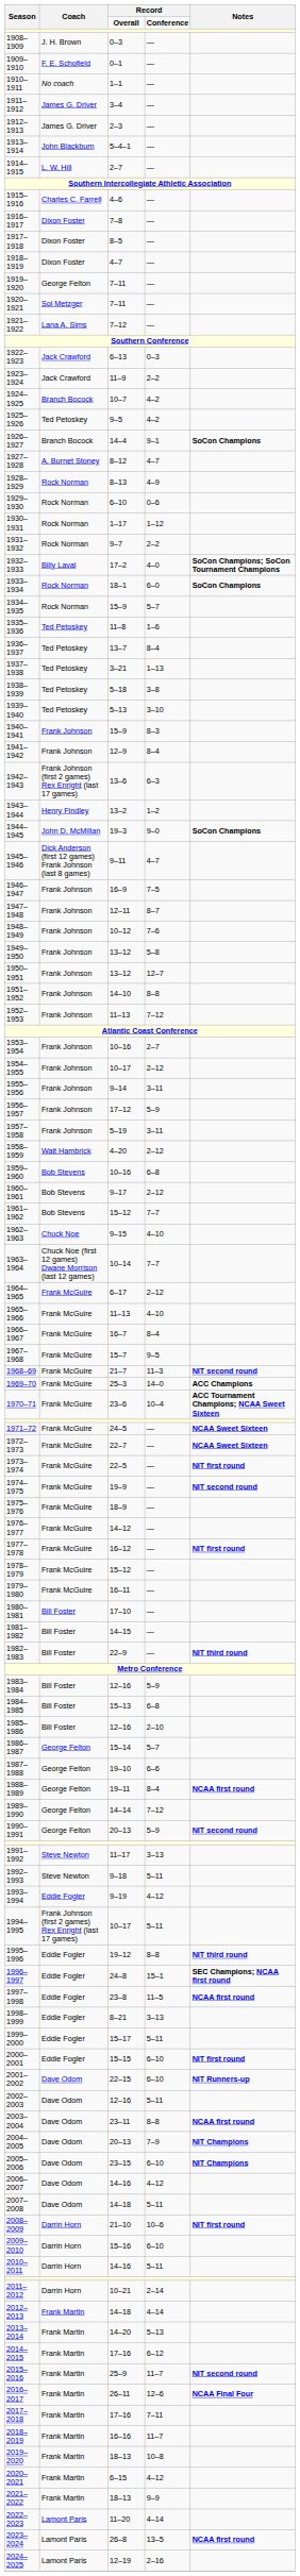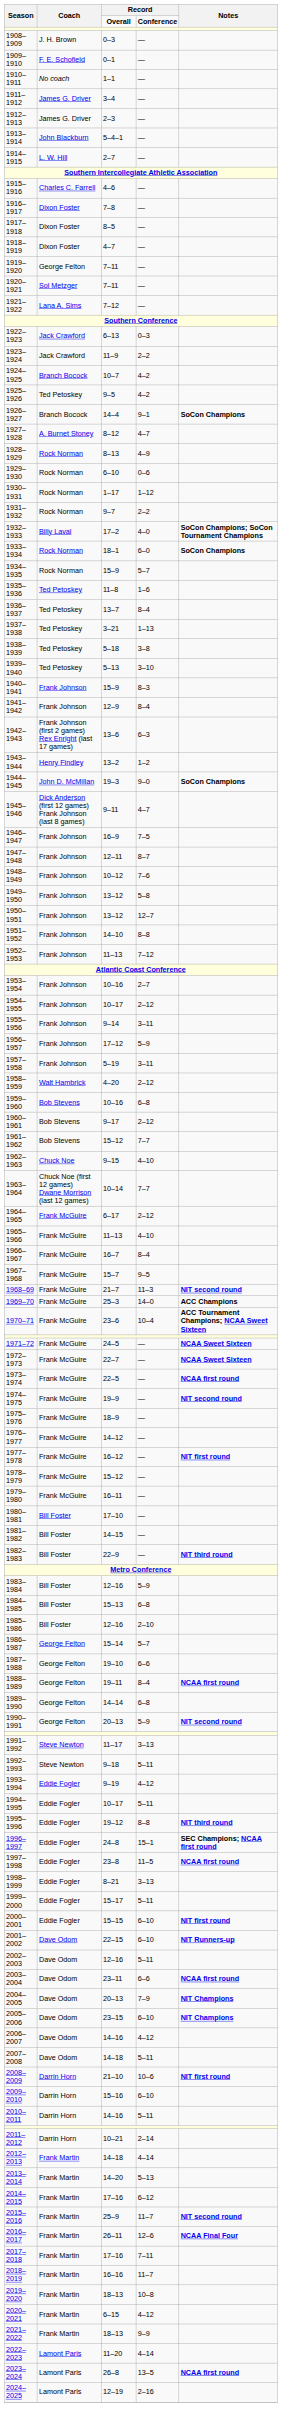 <table class="wikitable">
 <tr>
 <th rowspan="2">Season</th>
 <th rowspan="2">Coach</th>
 <th colspan="2">Record</th>
 <th rowspan="2">Notes</th>
 </tr>
 <tr style="text-align:center;">
 <td style="width:70px; "><strong>Overall</strong></td>
 <td style="width:40px; text-align:center;"><strong>Conference</strong></td>
 </tr>
 <tr style="background:#ffd;">
 <td colspan="5"></td>
 </tr>
 <tr>
 <td>1908–1909</td>
 <td>J. H. Brown</td>
 <td>0–3</td>
 <td>—</td>
 <td></td>
 </tr>
 <tr>
 <td>1909–1910</td>
 <td><a href='#'>F. E. Schofield</a></td>
 <td>0–1</td>
 <td>—</td>
 <td></td>
 </tr>
 <tr>
 <td>1910–1911</td>
 <td><em>No coach</em></td>
 <td>1–1</td>
 <td>—</td>
 <td></td>
 </tr>
 <tr>
 <td>1911–1912</td>
 <td><a href='#'>James G. Driver</a></td>
 <td>3–4</td>
 <td>—</td>
 <td></td>
 </tr>
 <tr>
 <td>1912–1913</td>
 <td>James G. Driver</td>
 <td>2–3</td>
 <td>—</td>
 <td></td>
 </tr>
 <tr>
 <td>1913–1914</td>
 <td><a href='#'>John Blackburn</a></td>
 <td>5–4–1</td>
 <td>—</td>
 <td></td>
 </tr>
 <tr>
 <td>1914–1915</td>
 <td><a href='#'>L. W. Hill</a></td>
 <td>2–7</td>
 <td>—</td>
 <td></td>
 </tr>
 <tr style="background:#ffd;">
 <td colspan="5" style="text-align:center;"><strong><a href='#'>Southern Intercollegiate Athletic Association</a></strong></td>
 </tr>
 <tr>
 <td>1915–1916</td>
 <td><a href='#'>Charles C. Farrell</a></td>
 <td>4–6</td>
 <td>—</td>
 <td></td>
 </tr>
 <tr>
 <td>1916–1917</td>
 <td><a href='#'>Dixon Foster</a></td>
 <td>7–8</td>
 <td>—</td>
 <td></td>
 </tr>
 <tr>
 <td>1917–1918</td>
 <td>Dixon Foster</td>
 <td>8–5</td>
 <td>—</td>
 <td></td>
 </tr>
 <tr>
 <td>1918–1919</td>
 <td>Dixon Foster</td>
 <td>4–7</td>
 <td>—</td>
 <td></td>
 </tr>
 <tr>
 <td>1919–1920</td>
 <td>George Felton</td>
 <td>7–11</td>
 <td>—</td>
 <td></td>
 </tr>
 <tr>
 <td>1920–1921</td>
 <td><a href='#'>Sol Metzger</a></td>
 <td>7–11</td>
 <td>—</td>
 <td></td>
 </tr>
 <tr>
 <td>1921–1922</td>
 <td><a href='#'>Lana A. Sims</a></td>
 <td>7–12</td>
 <td>—</td>
 <td></td>
 </tr>
 <tr style="background:#ffd;">
 <td colspan="5" style="text-align:center;"><strong><a href='#'>Southern Conference</a></strong></td>
 </tr>
 <tr>
 <td>1922–1923</td>
 <td><a href='#'>Jack Crawford</a></td>
 <td>6–13</td>
 <td>0–3</td>
 <td></td>
 </tr>
 <tr>
 <td>1923–1924</td>
 <td>Jack Crawford</td>
 <td>11–9</td>
 <td>2–2</td>
 <td></td>
 </tr>
 <tr>
 <td>1924–1925</td>
 <td><a href='#'>Branch Bocock</a></td>
 <td>10–7</td>
 <td>4–2</td>
 <td></td>
 </tr>
 <tr>
 <td>1925–1926</td>
 <td>Ted Petoskey</td>
 <td>9–5</td>
 <td>4–2</td>
 <td></td>
 </tr>
 <tr>
 <td>1926–1927</td>
 <td>Branch Bocock</td>
 <td>14–4</td>
 <td>9–1</td>
 <td><strong>SoCon Champions</strong></td>
 </tr>
 <tr>
 <td>1927–1928</td>
 <td><a href='#'>A. Burnet Stoney</a></td>
 <td>8–12</td>
 <td>4–7</td>
 <td></td>
 </tr>
 <tr>
 <td>1928–1929</td>
 <td><a href='#'>Rock Norman</a></td>
 <td>8–13</td>
 <td>4–9</td>
 <td></td>
 </tr>
 <tr>
 <td>1929–1930</td>
 <td>Rock Norman</td>
 <td>6–10</td>
 <td>0–6</td>
 <td></td>
 </tr>
 <tr>
 <td>1930–1931</td>
 <td>Rock Norman</td>
 <td>1–17</td>
 <td>1–12</td>
 <td></td>
 </tr>
 <tr>
 <td>1931–1932</td>
 <td>Rock Norman</td>
 <td>9–7</td>
 <td>2–2</td>
 <td></td>
 </tr>
 <tr>
 <td>1932–1933</td>
 <td><a href='#'>Billy Laval</a></td>
 <td>17–2</td>
 <td>4–0</td>
 <td><strong>SoCon Champions; SoCon Tournament Champions</strong></td>
 </tr>
 <tr>
 <td>1933–1934</td>
 <td><a href='#'>Rock Norman</a></td>
 <td>18–1</td>
 <td>6–0</td>
 <td><strong>SoCon Champions</strong></td>
 </tr>
 <tr>
 <td>1934–1935</td>
 <td>Rock Norman</td>
 <td>15–9</td>
 <td>5–7</td>
 <td></td>
 </tr>
 <tr>
 <td>1935–1936</td>
 <td><a href='#'>Ted Petoskey</a></td>
 <td>11–8</td>
 <td>1–6</td>
 <td></td>
 </tr>
 <tr>
 <td>1936–1937</td>
 <td>Ted Petoskey</td>
 <td>13–7</td>
 <td>8–4</td>
 <td></td>
 </tr>
 <tr>
 <td>1937–1938</td>
 <td>Ted Petoskey</td>
 <td>3–21</td>
 <td>1–13</td>
 <td></td>
 </tr>
 <tr>
 <td>1938–1939</td>
 <td>Ted Petoskey</td>
 <td>5–18</td>
 <td>3–8</td>
 <td></td>
 </tr>
 <tr>
 <td>1939–1940</td>
 <td>Ted Petoskey</td>
 <td>5–13</td>
 <td>3–10</td>
 <td></td>
 </tr>
 <tr>
 <td>1940–1941</td>
 <td><a href='#'>Frank Johnson</a></td>
 <td>15–9</td>
 <td>8–3</td>
 <td></td>
 </tr>
 <tr>
 <td>1941–1942</td>
 <td>Frank Johnson</td>
 <td>12–9</td>
 <td>8–4</td>
 <td></td>
 </tr>
 <tr>
 <td>1942–1943</td>
 <td>Frank Johnson (first 2 games)<br><a href='#'>Rex Enright</a> (last 17 games)</td>
 <td>13–6</td>
 <td>6–3</td>
 <td></td>
 </tr>
 <tr>
 <td>1943–1944</td>
 <td><a href='#'>Henry Findley</a></td>
 <td>13–2</td>
 <td>1–2</td>
 <td></td>
 </tr>
 <tr>
 <td>1944–1945</td>
 <td><a href='#'>John D. McMillan</a></td>
 <td>19–3</td>
 <td>9–0</td>
 <td><strong>SoCon Champions</strong></td>
 </tr>
 <tr>
 <td>1945–1946</td>
 <td><a href='#'>Dick Anderson</a> (first 12 games)<br>Frank Johnson (last 8 games)</td>
 <td>9–11</td>
 <td>4–7</td>
 <td></td>
 </tr>
 <tr>
 <td>1946–1947</td>
 <td>Frank Johnson</td>
 <td>16–9</td>
 <td>7–5</td>
 <td></td>
 </tr>
 <tr>
 <td>1947–1948</td>
 <td>Frank Johnson</td>
 <td>12–11</td>
 <td>8–7</td>
 <td></td>
 </tr>
 <tr>
 <td>1948–1949</td>
 <td>Frank Johnson</td>
 <td>10–12</td>
 <td>7–6</td>
 <td></td>
 </tr>
 <tr>
 <td>1949–1950</td>
 <td>Frank Johnson</td>
 <td>13–12</td>
 <td>5–8</td>
 <td></td>
 </tr>
 <tr>
 <td>1950–1951</td>
 <td>Frank Johnson</td>
 <td>13–12</td>
 <td>12–7</td>
 <td></td>
 </tr>
 <tr>
 <td>1951–1952</td>
 <td>Frank Johnson</td>
 <td>14–10</td>
 <td>8–8</td>
 <td></td>
 </tr>
 <tr>
 <td>1952–1953</td>
 <td>Frank Johnson</td>
 <td>11–13</td>
 <td>7–12</td>
 <td></td>
 </tr>
 <tr style="background:#ffd;">
 <td colspan="5" style="text-align:center;"><strong><a href='#'>Atlantic Coast Conference</a></strong></td>
 </tr>
 <tr>
 <td>1953–1954</td>
 <td>Frank Johnson</td>
 <td>10–16</td>
 <td>2–7</td>
 <td></td>
 </tr>
 <tr>
 <td>1954–1955</td>
 <td>Frank Johnson</td>
 <td>10–17</td>
 <td>2–12</td>
 <td></td>
 </tr>
 <tr>
 <td>1955–1956</td>
 <td>Frank Johnson</td>
 <td>9–14</td>
 <td>3–11</td>
 <td></td>
 </tr>
 <tr>
 <td>1956–1957</td>
 <td>Frank Johnson</td>
 <td>17–12</td>
 <td>5–9</td>
 <td></td>
 </tr>
 <tr>
 <td>1957–1958</td>
 <td>Frank Johnson</td>
 <td>5–19</td>
 <td>3–11</td>
 <td></td>
 </tr>
 <tr>
 <td>1958–1959</td>
 <td><a href='#'>Walt Hambrick</a></td>
 <td>4–20</td>
 <td>2–12</td>
 <td></td>
 </tr>
 <tr>
 <td>1959–1960</td>
 <td><a href='#'>Bob Stevens</a></td>
 <td>10–16</td>
 <td>6–8</td>
 <td></td>
 </tr>
 <tr>
 <td>1960–1961</td>
 <td>Bob Stevens</td>
 <td>9–17</td>
 <td>2–12</td>
 <td></td>
 </tr>
 <tr>
 <td>1961–1962</td>
 <td>Bob Stevens</td>
 <td>15–12</td>
 <td>7–7</td>
 <td></td>
 </tr>
 <tr>
 <td>1962–1963</td>
 <td><a href='#'>Chuck Noe</a></td>
 <td>9–15</td>
 <td>4–10</td>
 <td></td>
 </tr>
 <tr>
 <td>1963–1964</td>
 <td>Chuck Noe (first 12 games)<br><a href='#'>Dwane Morrison</a> (last 12 games)</td>
 <td>10–14</td>
 <td>7–7</td>
 <td></td>
 </tr>
 <tr>
 <td>1964–1965</td>
 <td><a href='#'>Frank McGuire</a></td>
 <td>6–17</td>
 <td>2–12</td>
 <td></td>
 </tr>
 <tr>
 <td>1965–1966</td>
 <td>Frank McGuire</td>
 <td>11–13</td>
 <td>4–10</td>
 <td></td>
 </tr>
 <tr>
 <td>1966–1967</td>
 <td>Frank McGuire</td>
 <td>16–7</td>
 <td>8–4</td>
 <td></td>
 </tr>
 <tr>
 <td>1967–1968</td>
 <td>Frank McGuire</td>
 <td>15–7</td>
 <td>9–5</td>
 <td></td>
 </tr>
 <tr>
 <td><a href='#'>1968–69</a></td>
 <td>Frank McGuire</td>
 <td>21–7</td>
 <td>11–3</td>
 <td><strong><a href='#'>NIT second round</a></strong></td>
 </tr>
 <tr>
 <td><a href='#'>1969–70</a></td>
 <td>Frank McGuire</td>
 <td>25–3</td>
 <td>14–0</td>
 <td><strong>ACC Champions</strong></td>
 </tr>
 <tr>
 <td><a href='#'>1970–71</a></td>
 <td>Frank McGuire</td>
 <td>23–6</td>
 <td>10–4</td>
 <td><strong>ACC Tournament Champions; <a href='#'>NCAA Sweet Sixteen</a></strong></td>
 </tr>
 <tr style="background:#ffd;">
 <td colspan="5"></td>
 </tr>
 <tr>
 <td><a href='#'>1971–72</a></td>
 <td>Frank McGuire</td>
 <td>24–5</td>
 <td>—</td>
 <td><strong><a href='#'>NCAA Sweet Sixteen</a></strong></td>
 </tr>
 <tr>
 <td>1972–1973</td>
 <td>Frank McGuire</td>
 <td>22–7</td>
 <td>—</td>
 <td><strong><a href='#'>NCAA Sweet Sixteen</a></strong></td>
 </tr>
 <tr>
 <td>1973–1974</td>
 <td>Frank McGuire</td>
 <td>22–5</td>
 <td>—</td>
-<td><strong><a href='#'>NIT first round</a></strong></td>
+<td><strong><a href='#'>NCAA first round</a></strong></td>
 </tr>
 <tr>
 <td>1974–1975</td>
 <td>Frank McGuire</td>
 <td>19–9</td>
 <td>—</td>
 <td><strong><a href='#'>NIT second round</a></strong></td>
 </tr>
 <tr>
 <td>1975–1976</td>
 <td>Frank McGuire</td>
 <td>18–9</td>
 <td>—</td>
 <td></td>
 </tr>
 <tr>
 <td>1976–1977</td>
 <td>Frank McGuire</td>
 <td>14–12</td>
 <td>—</td>
 <td></td>
 </tr>
 <tr>
 <td>1977–1978</td>
 <td>Frank McGuire</td>
 <td>16–12</td>
 <td>—</td>
 <td><strong><a href='#'>NIT first round</a></strong></td>
 </tr>
 <tr>
 <td>1978–1979</td>
 <td>Frank McGuire</td>
 <td>15–12</td>
 <td>—</td>
 <td></td>
 </tr>
 <tr>
 <td>1979–1980</td>
 <td>Frank McGuire</td>
 <td>16–11</td>
 <td>—</td>
 <td></td>
 </tr>
 <tr>
 <td>1980–1981</td>
 <td><a href='#'>Bill Foster</a></td>
 <td>17–10</td>
 <td>—</td>
 <td></td>
 </tr>
 <tr>
 <td>1981–1982</td>
 <td>Bill Foster</td>
 <td>14–15</td>
 <td>—</td>
 <td></td>
 </tr>
 <tr>
 <td>1982–1983</td>
 <td>Bill Foster</td>
 <td>22–9</td>
 <td>—</td>
 <td><strong><a href='#'>NIT third round</a></strong></td>
 </tr>
 <tr style="background:#ffd;">
 <td colspan="5" style="text-align:center;"><strong><a href='#'>Metro Conference</a></strong></td>
 </tr>
 <tr>
 <td>1983–1984</td>
 <td>Bill Foster</td>
 <td>12–16</td>
 <td>5–9</td>
 <td></td>
 </tr>
 <tr>
 <td>1984–1985</td>
 <td>Bill Foster</td>
 <td>15–13</td>
 <td>6–8</td>
 <td></td>
 </tr>
 <tr>
 <td>1985–1986</td>
 <td>Bill Foster</td>
 <td>12–16</td>
 <td>2–10</td>
 <td></td>
 </tr>
 <tr>
 <td>1986–1987</td>
 <td><a href='#'>George Felton</a></td>
 <td>15–14</td>
 <td>5–7</td>
 <td></td>
 </tr>
 <tr>
 <td>1987–1988</td>
 <td>George Felton</td>
 <td>19–10</td>
 <td>6–6</td>
 <td></td>
 </tr>
 <tr>
 <td>1988–1989</td>
 <td>George Felton</td>
 <td>19–11</td>
 <td>8–4</td>
 <td><strong><a href='#'>NCAA first round</a></strong></td>
 </tr>
 <tr>
 <td>1989–1990</td>
 <td>George Felton</td>
 <td>14–14</td>
-<td>7–12</td>
+<td>6–8</td>
 <td></td>
 </tr>
 <tr>
 <td>1990–1991</td>
 <td>George Felton</td>
 <td>20–13</td>
 <td>5–9</td>
 <td><strong><a href='#'>NIT second round</a></strong></td>
 </tr>
 <tr style="background:#ffd;">
 <td colspan="5"></td>
 </tr>
 <tr>
 <td>1991–1992</td>
 <td><a href='#'>Steve Newton</a></td>
 <td>11–17</td>
 <td>3–13</td>
 <td></td>
 </tr>
 <tr>
 <td>1992–1993</td>
 <td>Steve Newton</td>
 <td>9–18</td>
 <td>5–11</td>
 <td></td>
 </tr>
 <tr>
 <td>1993–1994</td>
 <td><a href='#'>Eddie Fogler</a></td>
 <td>9–19</td>
 <td>4–12</td>
 <td></td>
 </tr>
 <tr>
 <td>1994–1995</td>
-<td>Frank Johnson (first 2 games)<br><a href='#'>Rex Enright</a> (last 17 games)</td>
+<td>Eddie Fogler</td>
 <td>10–17</td>
 <td>5–11</td>
 <td></td>
 </tr>
 <tr>
 <td>1995–1996</td>
 <td>Eddie Fogler</td>
 <td>19–12</td>
 <td>8–8</td>
 <td><strong><a href='#'>NIT third round</a></strong></td>
 </tr>
 <tr>
 <td><a href='#'>1996–1997</a></td>
 <td>Eddie Fogler</td>
 <td>24–8</td>
 <td>15–1</td>
 <td><strong>SEC Champions; <a href='#'>NCAA first round</a></strong></td>
 </tr>
 <tr>
 <td>1997–1998</td>
 <td>Eddie Fogler</td>
 <td>23–8</td>
 <td>11–5</td>
 <td><strong><a href='#'>NCAA first round</a></strong></td>
 </tr>
 <tr>
 <td>1998–1999</td>
 <td>Eddie Fogler</td>
 <td>8–21</td>
 <td>3–13</td>
 <td></td>
 </tr>
 <tr>
 <td>1999–2000</td>
 <td>Eddie Fogler</td>
 <td>15–17</td>
 <td>5–11</td>
 <td></td>
 </tr>
 <tr>
 <td>2000–2001</td>
 <td>Eddie Fogler</td>
 <td>15–15</td>
 <td>6–10</td>
 <td><strong><a href='#'>NIT first round</a></strong></td>
 </tr>
 <tr>
 <td>2001–2002</td>
 <td><a href='#'>Dave Odom</a></td>
 <td>22–15</td>
 <td>6–10</td>
 <td><strong><a href='#'>NIT Runners-up</a></strong></td>
 </tr>
 <tr>
 <td>2002–2003</td>
 <td>Dave Odom</td>
 <td>12–16</td>
 <td>5–11</td>
 <td></td>
 </tr>
 <tr>
 <td>2003–2004</td>
 <td>Dave Odom</td>
 <td>23–11</td>
-<td>8–8</td>
+<td>6–6</td>
 <td><strong><a href='#'>NCAA first round</a></strong></td>
 </tr>
 <tr>
 <td>2004–2005</td>
 <td>Dave Odom</td>
 <td>20–13</td>
 <td>7–9</td>
 <td><strong><a href='#'>NIT Champions</a></strong></td>
 </tr>
 <tr>
 <td>2005–2006</td>
 <td>Dave Odom</td>
 <td>23–15</td>
 <td>6–10</td>
 <td><strong><a href='#'>NIT Champions</a></strong></td>
 </tr>
 <tr>
 <td>2006–2007</td>
 <td>Dave Odom</td>
 <td>14–16</td>
 <td>4–12</td>
 <td></td>
 </tr>
 <tr>
 <td>2007–2008</td>
 <td>Dave Odom</td>
 <td>14–18</td>
 <td>5–11</td>
 <td></td>
 </tr>
 <tr>
 <td><a href='#'>2008–2009</a></td>
 <td><a href='#'>Darrin Horn</a></td>
 <td>21–10</td>
 <td>10–6</td>
 <td><strong><a href='#'>NIT first round</a></strong></td>
 </tr>
 <tr>
 <td><a href='#'>2009–2010</a></td>
 <td>Darrin Horn</td>
 <td>15–16</td>
 <td>6–10</td>
 <td></td>
 </tr>
 <tr>
 <td><a href='#'>2010–2011</a></td>
 <td>Darrin Horn</td>
 <td>14–16</td>
 <td>5–11</td>
 <td></td>
 </tr>
 <tr style="background:#ffd;">
 <td colspan="5"></td>
 </tr>
 <tr>
 <td><a href='#'>2011–2012</a></td>
 <td>Darrin Horn</td>
 <td>10–21</td>
 <td>2–14</td>
 <td></td>
 </tr>
 <tr>
 <td><a href='#'>2012–2013</a></td>
 <td><a href='#'>Frank Martin</a></td>
 <td>14–18</td>
 <td>4–14</td>
 <td></td>
 </tr>
 <tr>
 <td><a href='#'>2013–2014</a></td>
 <td>Frank Martin</td>
 <td>14–20</td>
 <td>5–13</td>
 <td></td>
 </tr>
 <tr>
 <td><a href='#'>2014–2015</a></td>
 <td>Frank Martin</td>
 <td>17–16</td>
 <td>6–12</td>
 <td></td>
 </tr>
 <tr>
 <td><a href='#'>2015–2016</a></td>
 <td>Frank Martin</td>
 <td>25–9</td>
 <td>11–7</td>
 <td><strong><a href='#'>NIT second round</a></strong></td>
 </tr>
 <tr>
 <td><a href='#'>2016–2017</a></td>
 <td>Frank Martin</td>
 <td>26–11</td>
 <td>12–6</td>
 <td><strong><a href='#'>NCAA Final Four</a></strong></td>
 </tr>
 <tr>
 <td><a href='#'>2017–2018</a></td>
 <td>Frank Martin</td>
 <td>17–16</td>
 <td>7–11</td>
 <td></td>
 </tr>
 <tr>
 <td><a href='#'>2018–2019</a></td>
 <td>Frank Martin</td>
 <td>16–16</td>
 <td>11–7</td>
 <td></td>
 </tr>
 <tr>
 <td><a href='#'>2019–2020</a></td>
 <td>Frank Martin</td>
 <td>18–13</td>
 <td>10–8</td>
 <td></td>
 </tr>
 <tr>
 <td><a href='#'>2020–2021</a></td>
 <td>Frank Martin</td>
 <td>6–15</td>
 <td>4–12</td>
 <td></td>
 </tr>
 <tr>
 <td><a href='#'>2021–2022</a></td>
 <td>Frank Martin</td>
 <td>18–13</td>
 <td>9–9</td>
 <td></td>
 </tr>
 <tr>
 <td><a href='#'>2022–2023</a></td>
 <td><a href='#'>Lamont Paris</a></td>
 <td>11–20</td>
 <td>4–14</td>
 <td></td>
 </tr>
 <tr>
 <td><a href='#'>2023–2024</a></td>
 <td>Lamont Paris</td>
 <td>26–8</td>
 <td>13–5</td>
 <td><strong><a href='#'>NCAA first round</a></strong></td>
 </tr>
 <tr>
 <td><a href='#'>2024–2025</a></td>
 <td>Lamont Paris</td>
 <td>12–19</td>
 <td>2–16</td>
 <td></td>
 </tr>
 <tr>
 </tr>
 </table>
